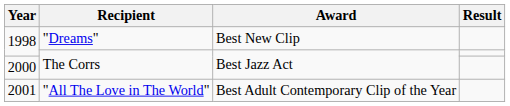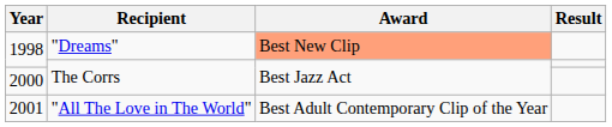 <table class="wikitable">
 <tr>
 <th>Year</th>
 <th>Recipient</th>
 <th>Award</th>
 <th>Result</th>
 </tr>
 <tr>
 <td rowspan="2">1998</td>
 <td rowspan="1">"<a href='#'>Dreams</a>"</td>
-<td>Best New Clip</td>
+<td style="background: lightsalmon;">Best New Clip</td>
 <td></td>
 </tr>
 <tr>
 <td rowspan="2">The Corrs</td>
 <td rowspan="2">Best Jazz Act</td>
 <td></td>
 </tr>
 <tr>
 <td>2000</td>
 <td></td>
 </tr>
 <tr>
 <td>2001</td>
 <td>"<a href='#'>All The Love in The World</a>"</td>
 <td>Best Adult Contemporary Clip of the Year</td>
 <td></td>
 </tr>
 </table>
